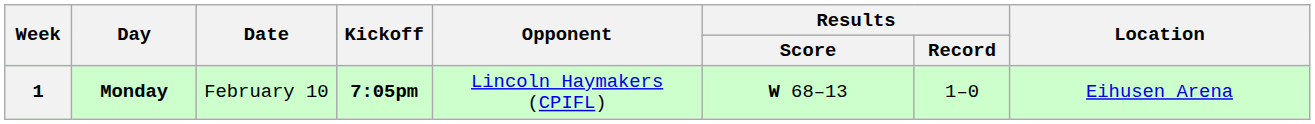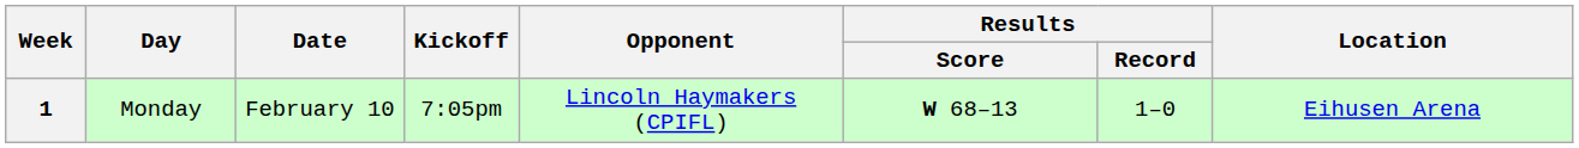 <table class="wikitable">
 <tr>
 <th rowspan="2" width="40">Week</th>
 <th rowspan="2" width="80">Day</th>
 <th rowspan="2" width="90">Date</th>
 <th rowspan="2" width="60">Kickoff</th>
 <th rowspan="2" width="180">Opponent</th>
 <th colspan="2" width="200">Results</th>
 <th rowspan="2" width="200">Location</th>
 </tr>
 <tr>
 <th width="140">Score</th>
 <th width="60">Record</th>
 </tr>
 <tr align="center" bgcolor="#CCFFCC">
 <th>1</th>
-<td><strong>Monday</strong></td>
+<td>Monday</td>
 <td>February 10</td>
-<td><strong>7:05pm</strong></td>
+<td>7:05pm</td>
 <td><a href='#'>Lincoln Haymakers</a> (<a href='#'>CPIFL</a>)</td>
 <td><strong>W</strong> 68–13</td>
 <td>1–0</td>
 <td><a href='#'>Eihusen Arena</a></td>
 </tr>
 </table>
